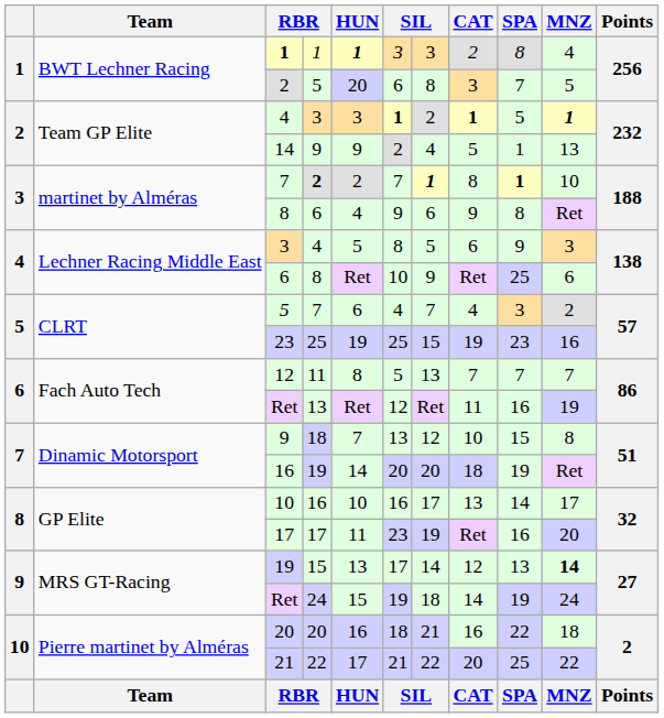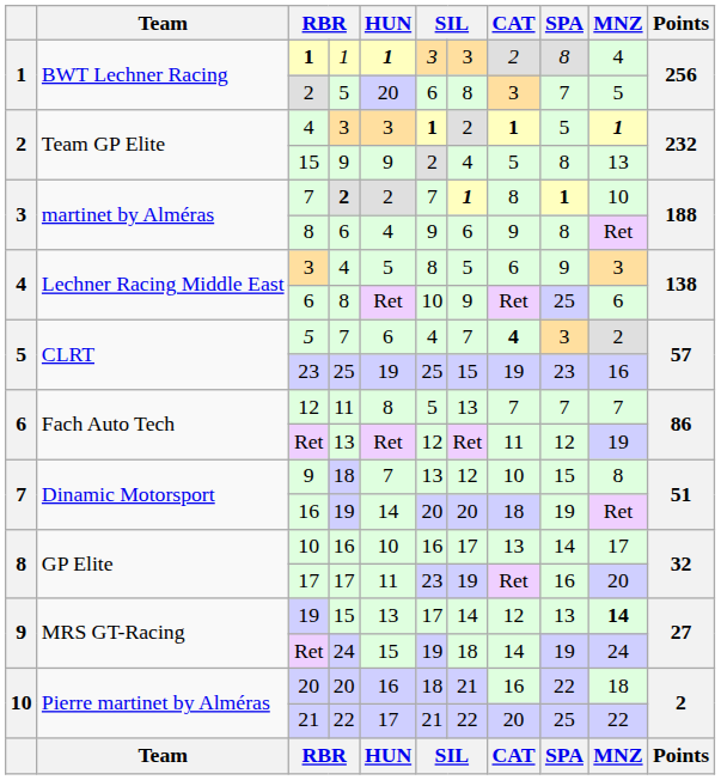 <table class="wikitable" style="font-size: 85%; text-align:center">
 <tr valign="top">
 <th valign="middle"></th>
 <th valign="middle">Team</th>
 <th colspan=2><a href='#'>RBR</a><br></th>
 <th><a href='#'>HUN</a><br></th>
 <th colspan=2><a href='#'>SIL</a><br></th>
 <th><a href='#'>CAT</a><br></th>
 <th><a href='#'>SPA</a><br></th>
 <th><a href='#'>MNZ</a><br></th>
 <th valign="middle">Points</th>
 </tr>
 <tr>
 <th rowspan=2>1</th>
 <td rowspan=2 align=left> <a href='#'>BWT Lechner Racing</a></td>
 <td style="background:#FFFFBF;"><strong>1</strong></td>
 <td style="background:#FFFFBF;"><em>1</em></td>
 <td style="background:#FFFFBF;"><strong><em>1</em></strong></td>
 <td style="background:#FFDF9F;"><em>3</em></td>
 <td style="background:#FFDF9F;">3</td>
 <td style="background:#DFDFDF;"><em>2</em></td>
 <td style="background:#DFDFDF;"><em>8</em></td>
 <td style="background:#DFFFDF;">4</td>
 <th rowspan=2>256</th>
 </tr>
 <tr>
 <td style="background:#DFDFDF;">2</td>
 <td style="background:#DFFFDF;">5</td>
 <td style="background:#CFCFFF;">20</td>
 <td style="background:#DFFFDF;">6</td>
 <td style="background:#DFFFDF;">8</td>
 <td style="background:#FFDF9F;">3</td>
 <td style="background:#DFFFDF;">7</td>
 <td style="background:#DFFFDF;">5</td>
 </tr>
 <tr>
 <th rowspan=2>2</th>
 <td rowspan=2 align=left> Team GP Elite</td>
 <td style="background:#DFFFDF;">4</td>
 <td style="background:#FFDF9F;">3</td>
 <td style="background:#FFDF9F;">3</td>
 <td style="background:#FFFFBF;"><strong>1</strong></td>
 <td style="background:#DFDFDF;">2</td>
 <td style="background:#FFFFBF;"><strong>1</strong></td>
 <td style="background:#DFFFDF;">5</td>
 <td style="background:#FFFFBF;"><strong><em>1</em></strong></td>
 <th rowspan=2>232</th>
 </tr>
 <tr>
-<td style="background:#DFFFDF;">14</td>
+<td style="background:#DFFFDF;">15</td>
 <td style="background:#DFFFDF;">9</td>
 <td style="background:#DFFFDF;">9</td>
 <td style="background:#DFDFDF;">2</td>
 <td style="background:#DFFFDF;">4</td>
 <td style="background:#DFFFDF;">5</td>
-<td style="background:#DFFFDF;">1</td>
+<td style="background:#DFFFDF;">8</td>
 <td style="background:#DFFFDF;">13</td>
 </tr>
 <tr>
 <th rowspan=2>3</th>
 <td rowspan=2 align=left> <a href='#'>martinet by Alméras</a></td>
 <td style="background:#DFFFDF;">7</td>
 <td style="background:#DFDFDF;"><strong>2</strong></td>
 <td style="background:#DFDFDF;">2</td>
 <td style="background:#DFFFDF;">7</td>
 <td style="background:#FFFFBF;"><strong><em>1</em></strong></td>
 <td style="background:#DFFFDF;">8</td>
 <td style="background:#FFFFBF;"><strong>1</strong></td>
 <td style="background:#DFFFDF;">10</td>
 <th rowspan=2>188</th>
 </tr>
 <tr>
 <td style="background:#DFFFDF;">8</td>
 <td style="background:#DFFFDF;">6</td>
 <td style="background:#DFFFDF;">4</td>
 <td style="background:#DFFFDF;">9</td>
 <td style="background:#DFFFDF;">6</td>
 <td style="background:#DFFFDF;">9</td>
 <td style="background:#DFFFDF;">8</td>
 <td style="background:#EFCFFF;">Ret</td>
 </tr>
 <tr>
 <th rowspan=2>4</th>
 <td rowspan=2 align=left> <a href='#'>Lechner Racing Middle East</a></td>
 <td style="background:#FFDF9F;">3</td>
 <td style="background:#DFFFDF;">4</td>
 <td style="background:#DFFFDF;">5</td>
 <td style="background:#DFFFDF;">8</td>
 <td style="background:#DFFFDF;">5</td>
 <td style="background:#DFFFDF;">6</td>
 <td style="background:#DFFFDF;">9</td>
 <td style="background:#FFDF9F;">3</td>
 <th rowspan=2>138</th>
 </tr>
 <tr>
 <td style="background:#DFFFDF;">6</td>
 <td style="background:#DFFFDF;">8</td>
 <td style="background:#EFCFFF;">Ret</td>
 <td style="background:#DFFFDF;">10</td>
 <td style="background:#DFFFDF;">9</td>
 <td style="background:#EFCFFF;">Ret</td>
 <td style="background:#CFCFFF;">25</td>
 <td style="background:#DFFFDF;">6</td>
 </tr>
 <tr>
 <th rowspan=2>5</th>
 <td rowspan=2 align=left> <a href='#'>CLRT</a></td>
 <td style="background:#DFFFDF;"><em>5</em></td>
 <td style="background:#DFFFDF;">7</td>
 <td style="background:#DFFFDF;">6</td>
 <td style="background:#DFFFDF;">4</td>
 <td style="background:#DFFFDF;">7</td>
-<td style="background:#DFFFDF;">4</td>
+<td style="background:#DFFFDF;"><strong>4</strong></td>
 <td style="background:#FFDF9F;">3</td>
 <td style="background:#DFDFDF;">2</td>
 <th rowspan=2>57</th>
 </tr>
 <tr>
 <td style="background:#CFCFFF;">23</td>
 <td style="background:#CFCFFF;">25</td>
 <td style="background:#CFCFFF;">19</td>
 <td style="background:#CFCFFF;">25</td>
 <td style="background:#CFCFFF;">15</td>
 <td style="background:#CFCFFF;">19</td>
 <td style="background:#CFCFFF;">23</td>
 <td style="background:#CFCFFF;">16</td>
 </tr>
 <tr>
 <th rowspan=2>6</th>
 <td rowspan=2 align=left> Fach Auto Tech</td>
 <td style="background:#DFFFDF;">12</td>
 <td style="background:#DFFFDF;">11</td>
 <td style="background:#DFFFDF;">8</td>
 <td style="background:#DFFFDF;">5</td>
 <td style="background:#DFFFDF;">13</td>
 <td style="background:#DFFFDF;">7</td>
 <td style="background:#DFFFDF;">7</td>
 <td style="background:#DFFFDF;">7</td>
 <th rowspan=2>86</th>
 </tr>
 <tr>
 <td style="background:#EFCFFF;">Ret</td>
 <td style="background:#DFFFDF;">13</td>
 <td style="background:#EFCFFF;">Ret</td>
 <td style="background:#DFFFDF;">12</td>
 <td style="background:#EFCFFF;">Ret</td>
 <td style="background:#DFFFDF;">11</td>
-<td style="background:#DFFFDF;">16</td>
+<td style="background:#DFFFDF;">12</td>
 <td style="background:#CFCFFF;">19</td>
 </tr>
 <tr>
 <th rowspan=2>7</th>
 <td rowspan=2 align=left> <a href='#'>Dinamic Motorsport</a></td>
 <td style="background:#DFFFDF;">9</td>
 <td style="background:#CFCFFF;">18</td>
 <td style="background:#DFFFDF;">7</td>
 <td style="background:#DFFFDF;">13</td>
 <td style="background:#DFFFDF;">12</td>
 <td style="background:#DFFFDF;">10</td>
 <td style="background:#DFFFDF;">15</td>
 <td style="background:#DFFFDF;">8</td>
 <th rowspan=2>51</th>
 </tr>
 <tr>
 <td style="background:#DFFFDF;">16</td>
 <td style="background:#CFCFFF;">19</td>
 <td style="background:#DFFFDF;">14</td>
 <td style="background:#CFCFFF;">20</td>
 <td style="background:#CFCFFF;">20</td>
 <td style="background:#CFCFFF;">18</td>
 <td style="background:#DFFFDF;">19</td>
 <td style="background:#EFCFFF;">Ret</td>
 </tr>
 <tr>
 <th rowspan=2>8</th>
 <td rowspan=2 align=left> GP Elite</td>
 <td style="background:#DFFFDF;">10</td>
 <td style="background:#DFFFDF;">16</td>
 <td style="background:#DFFFDF;">10</td>
 <td style="background:#DFFFDF;">16</td>
 <td style="background:#DFFFDF;">17</td>
 <td style="background:#DFFFDF;">13</td>
 <td style="background:#DFFFDF;">14</td>
 <td style="background:#DFFFDF;">17</td>
 <th rowspan=2>32</th>
 </tr>
 <tr>
 <td style="background:#DFFFDF;">17</td>
 <td style="background:#DFFFDF;">17</td>
 <td style="background:#DFFFDF;">11</td>
 <td style="background:#CFCFFF;">23</td>
 <td style="background:#CFCFFF;">19</td>
 <td style="background:#EFCFFF;">Ret</td>
 <td style="background:#DFFFDF;">16</td>
 <td style="background:#CFCFFF;">20</td>
 </tr>
 <tr>
 <th rowspan=2>9</th>
 <td rowspan=2 align=left> MRS GT-Racing</td>
 <td style="background:#CFCFFF;">19</td>
 <td style="background:#DFFFDF;">15</td>
 <td style="background:#DFFFDF;">13</td>
 <td style="background:#DFFFDF;">17</td>
 <td style="background:#DFFFDF;">14</td>
 <td style="background:#DFFFDF;">12</td>
 <td style="background:#DFFFDF;">13</td>
 <td style="background:#DFFFDF;"><strong>14</strong></td>
 <th rowspan=2>27</th>
 </tr>
 <tr>
 <td style="background:#EFCFFF;">Ret</td>
 <td style="background:#CFCFFF;">24</td>
 <td style="background:#DFFFDF;">15</td>
 <td style="background:#CFCFFF;">19</td>
 <td style="background:#DFFFDF;">18</td>
 <td style="background:#DFFFDF;">14</td>
 <td style="background:#CFCFFF;">19</td>
 <td style="background:#CFCFFF;">24</td>
 </tr>
 <tr>
 <th rowspan=2>10</th>
 <td rowspan=2 align=left> <a href='#'>Pierre martinet by Alméras</a></td>
 <td style="background:#CFCFFF;">20</td>
 <td style="background:#CFCFFF;">20</td>
 <td style="background:#CFCFFF;">16</td>
 <td style="background:#CFCFFF;">18</td>
 <td style="background:#CFCFFF;">21</td>
 <td style="background:#DFFFDF;">16</td>
 <td style="background:#CFCFFF;">22</td>
 <td style="background:#DFFFDF;">18</td>
 <th rowspan=2>2</th>
 </tr>
 <tr>
 <td style="background:#CFCFFF;">21</td>
 <td style="background:#CFCFFF;">22</td>
 <td style="background:#CFCFFF;">17</td>
 <td style="background:#CFCFFF;">21</td>
 <td style="background:#CFCFFF;">22</td>
 <td style="background:#CFCFFF;">20</td>
 <td style="background:#CFCFFF;">25</td>
 <td style="background:#CFCFFF;">22</td>
 </tr>
 <tr valign="top">
 <th valign="middle"></th>
 <th valign="middle">Team</th>
 <th colspan=2><a href='#'>RBR</a><br></th>
 <th><a href='#'>HUN</a><br></th>
 <th colspan=2><a href='#'>SIL</a><br></th>
 <th><a href='#'>CAT</a><br></th>
 <th><a href='#'>SPA</a><br></th>
 <th><a href='#'>MNZ</a><br></th>
 <th valign="middle">Points</th>
 </tr>
 </table>
